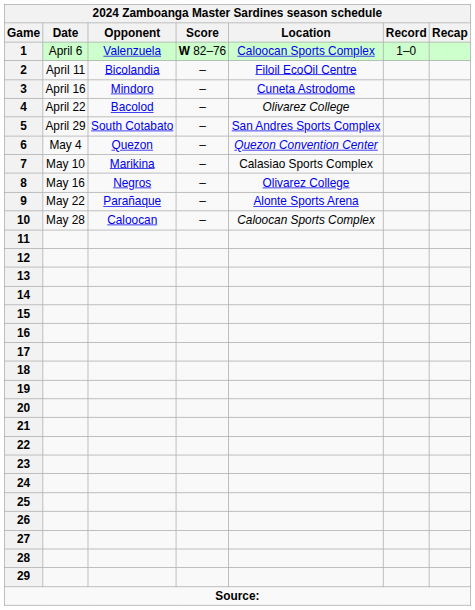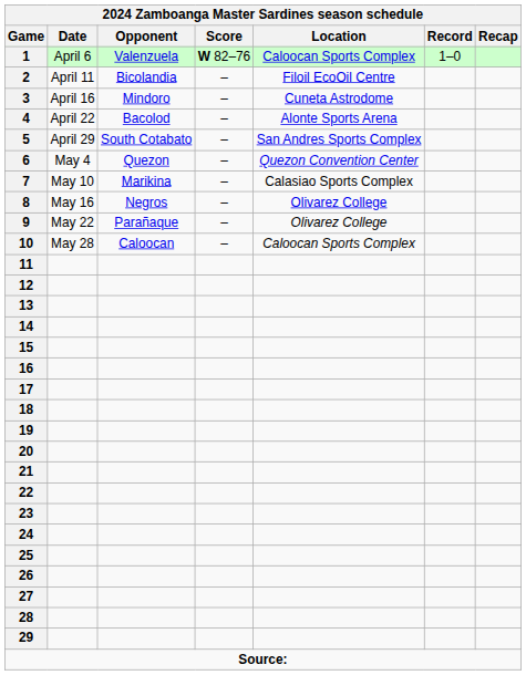 <table class="wikitable" style="text-align:center">
 <tr>
 <th colspan=7>2024 Zamboanga Master Sardines season schedule</th>
 </tr>
 <tr>
 <th>Game</th>
 <th>Date</th>
 <th>Opponent</th>
 <th>Score</th>
 <th>Location</th>
 <th>Record</th>
 <th>Recap<br></th>
 </tr>
 <tr style="background:#cfc">
 <th>1</th>
 <td>April 6</td>
 <td><a href='#'>Valenzuela</a></td>
 <td><strong>W</strong> 82–76</td>
 <td><a href='#'>Caloocan Sports Complex</a></td>
 <td>1–0</td>
 <td></td>
 </tr>
 <tr>
 <th>2</th>
 <td>April 11</td>
 <td><a href='#'>Bicolandia</a></td>
 <td>–</td>
 <td><a href='#'>Filoil EcoOil Centre</a></td>
 <td></td>
 <td></td>
 </tr>
 <tr>
 <th>3</th>
 <td>April 16</td>
 <td><a href='#'>Mindoro</a></td>
 <td>–</td>
 <td><a href='#'>Cuneta Astrodome</a></td>
 <td></td>
 <td></td>
 </tr>
 <tr>
 <th>4</th>
 <td>April 22</td>
 <td><a href='#'>Bacolod</a></td>
 <td>–</td>
-<td><em>Olivarez College</em></td>
+<td><a href='#'>Alonte Sports Arena</a></td>
 <td></td>
 <td></td>
 </tr>
 <tr>
 <th>5</th>
 <td>April 29</td>
 <td><a href='#'>South Cotabato</a></td>
 <td>–</td>
 <td><a href='#'>San Andres Sports Complex</a></td>
 <td></td>
 <td></td>
 </tr>
 <tr>
 <th>6</th>
 <td>May 4</td>
 <td><a href='#'>Quezon</a></td>
 <td>–</td>
 <td><em><a href='#'>Quezon Convention Center</a></em></td>
 <td></td>
 <td></td>
 </tr>
 <tr>
 <th>7</th>
 <td>May 10</td>
 <td><a href='#'>Marikina</a></td>
 <td>–</td>
 <td>Calasiao Sports Complex</td>
 <td></td>
 <td></td>
 </tr>
 <tr>
 <th>8</th>
 <td>May 16</td>
 <td><a href='#'>Negros</a></td>
 <td>–</td>
 <td><a href='#'>Olivarez College</a></td>
 <td></td>
 <td></td>
 </tr>
 <tr>
 <th>9</th>
 <td>May 22</td>
 <td><a href='#'>Parañaque</a></td>
 <td>–</td>
-<td><a href='#'>Alonte Sports Arena</a></td>
+<td><em>Olivarez College</em></td>
 <td></td>
 <td></td>
 </tr>
 <tr>
 <th>10</th>
 <td>May 28</td>
 <td><a href='#'>Caloocan</a></td>
 <td>–</td>
 <td><em>Caloocan Sports Complex</em></td>
 <td></td>
 <td><br></td>
 </tr>
 <tr>
 <th>11</th>
 <td></td>
 <td></td>
 <td></td>
 <td></td>
 <td></td>
 <td></td>
 </tr>
 <tr>
 <th>12</th>
 <td></td>
 <td></td>
 <td></td>
 <td></td>
 <td></td>
 <td></td>
 </tr>
 <tr>
 <th>13</th>
 <td></td>
 <td></td>
 <td></td>
 <td></td>
 <td></td>
 <td></td>
 </tr>
 <tr>
 <th>14</th>
 <td></td>
 <td></td>
 <td></td>
 <td></td>
 <td></td>
 <td></td>
 </tr>
 <tr>
 <th>15</th>
 <td></td>
 <td></td>
 <td></td>
 <td></td>
 <td></td>
 <td></td>
 </tr>
 <tr>
 <th>16</th>
 <td></td>
 <td></td>
 <td></td>
 <td></td>
 <td></td>
 <td></td>
 </tr>
 <tr>
 <th>17</th>
 <td></td>
 <td></td>
 <td></td>
 <td></td>
 <td></td>
 <td></td>
 </tr>
 <tr>
 <th>18</th>
 <td></td>
 <td></td>
 <td></td>
 <td></td>
 <td></td>
 <td></td>
 </tr>
 <tr>
 <th>19</th>
 <td></td>
 <td></td>
 <td></td>
 <td></td>
 <td></td>
 <td></td>
 </tr>
 <tr>
 <th>20</th>
 <td></td>
 <td></td>
 <td></td>
 <td></td>
 <td></td>
 <td><br></td>
 </tr>
 <tr>
 <th>21</th>
 <td></td>
 <td></td>
 <td></td>
 <td></td>
 <td></td>
 <td></td>
 </tr>
 <tr>
 <th>22</th>
 <td></td>
 <td></td>
 <td></td>
 <td></td>
 <td></td>
 <td></td>
 </tr>
 <tr>
 <th>23</th>
 <td></td>
 <td></td>
 <td></td>
 <td></td>
 <td></td>
 <td></td>
 </tr>
 <tr>
 <th>24</th>
 <td></td>
 <td></td>
 <td></td>
 <td></td>
 <td></td>
 <td></td>
 </tr>
 <tr>
 <th>25</th>
 <td></td>
 <td></td>
 <td></td>
 <td></td>
 <td></td>
 <td></td>
 </tr>
 <tr>
 <th>26</th>
 <td></td>
 <td></td>
 <td></td>
 <td></td>
 <td></td>
 <td></td>
 </tr>
 <tr>
 <th>27</th>
 <td></td>
 <td></td>
 <td></td>
 <td></td>
 <td></td>
 <td></td>
 </tr>
 <tr>
 <th>28</th>
 <td></td>
 <td></td>
 <td></td>
 <td></td>
 <td></td>
 <td></td>
 </tr>
 <tr>
 <th>29</th>
 <td></td>
 <td></td>
 <td></td>
 <td></td>
 <td></td>
 <td></td>
 </tr>
 <tr>
 <td colspan=7 align=center><strong>Source: </strong></td>
 </tr>
 </table>
